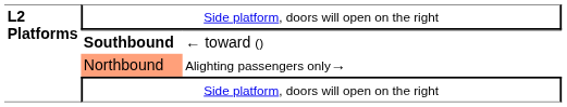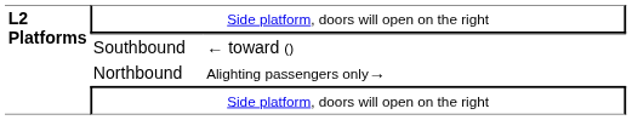 <table table border=0 cellspacing=0 cellpadding=3>
 <tr>
 <td style="border-top:solid 1px gray;border-bottom:solid 1px gray;" width=50 rowspan=10 valign=top><strong>L2<br>Platforms</strong></td>
 <td style="border-top:solid 1px gray;border-right:solid 2px black;border-left:solid 2px black;border-bottom:solid 2px black;text-align:center;" colspan=2><small><a href='#'>Side platform</a>, doors will open on the right</small></td>
 </tr>
 <tr>
-<td style="border-bottom:solid 0px gray;border-top:solid 1px gray;" width=100><strong>Southbound</strong></td>
+<td style="border-bottom:solid 0px gray;border-top:solid 1px gray;" width=100>Southbound</td>
 <td style="border-bottom:solid 0px gray;border-top:solid 1px gray;" width=390>←  toward  <small>()</small></td>
 </tr>
 <tr>
-<td style="background: lightsalmon;">Northbound</td>
+<td>Northbound</td>
 <td>  <small>Alighting passengers only</small>→</td>
 </tr>
 <tr>
 <td style="border-top:solid 2px black;border-right:solid 2px black;border-left:solid 2px black;border-bottom:solid 1px gray;text-align:center;" colspan=2><small><a href='#'>Side platform</a>, doors will open on the right</small></td>
 </tr>
 </table>
